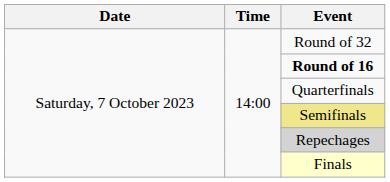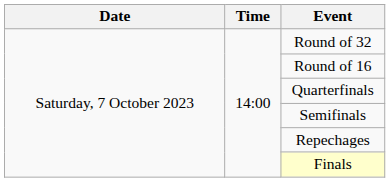 <table class = "wikitable" style="text-align:center;">
 <tr>
 <th width=220>Date</th>
 <th width=50>Time</th>
 <th width=100>Event</th>
 </tr>
 <tr>
 <td rowspan=6>Saturday, 7 October 2023</td>
 <td rowspan=6>14:00</td>
 <td>Round of 32</td>
 </tr>
 <tr>
-<td><strong>Round of 16</strong></td>
+<td>Round of 16</td>
 </tr>
 <tr>
 <td>Quarterfinals</td>
 </tr>
 <tr>
-<td style="background: khaki;">Semifinals</td>
+<td>Semifinals</td>
 </tr>
 <tr>
-<td style="background: lightgrey;">Repechages</td>
+<td>Repechages</td>
 </tr>
 <tr>
 <td bgcolor=ffffcc>Finals</td>
 </tr>
 </table>
